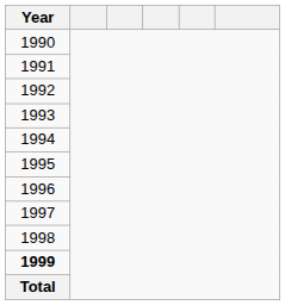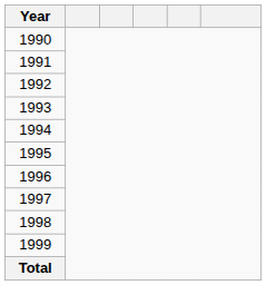 <table class="wikitable" style="text-align: center">
 <tr>
 <th width="60">Year</th>
 <th width="30"></th>
 <th width="30"></th>
 <th width="30"></th>
 <th width="30"></th>
 <th width="60"></th>
 </tr>
 <tr>
 <td>1990<br></td>
 </tr>
 <tr>
 <td>1991<br></td>
 </tr>
 <tr>
 <td>1992<br></td>
 </tr>
 <tr>
 <td>1993<br></td>
 </tr>
 <tr>
 <td>1994<br></td>
 </tr>
 <tr>
 <td>1995<br></td>
 </tr>
 <tr>
 <td>1996<br></td>
 </tr>
 <tr>
 <td>1997<br></td>
 </tr>
 <tr>
 <td>1998<br></td>
 </tr>
 <tr>
-<td><strong>1999<br></strong></td>
+<td>1999<br></td>
 </tr>
 <tr>
 <th>Total<br></th>
 </tr>
 </table>
